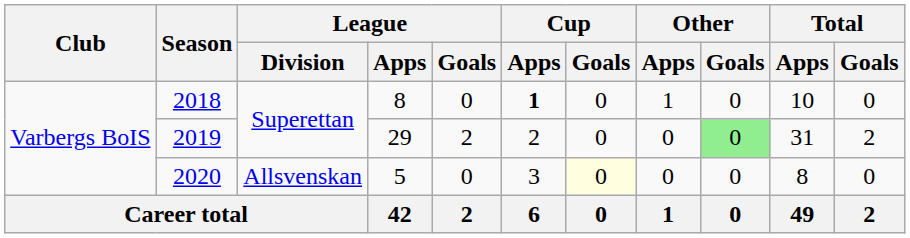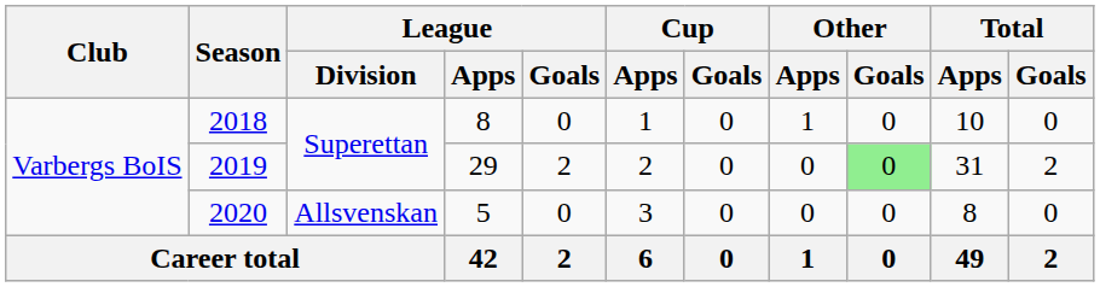 <table class="wikitable" style="text-align: center">
 <tr>
 <th rowspan="2">Club</th>
 <th rowspan="2">Season</th>
 <th colspan="3">League</th>
 <th colspan="2">Cup</th>
 <th colspan="2">Other</th>
 <th colspan="2">Total</th>
 </tr>
 <tr>
 <th>Division</th>
 <th>Apps</th>
 <th>Goals</th>
 <th>Apps</th>
 <th>Goals</th>
 <th>Apps</th>
 <th>Goals</th>
 <th>Apps</th>
 <th>Goals</th>
 </tr>
 <tr>
 <td rowspan="3"><a href='#'>Varbergs BoIS</a></td>
 <td><a href='#'>2018</a></td>
 <td rowspan="2"><a href='#'>Superettan</a></td>
 <td>8</td>
 <td>0</td>
-<td><strong>1</strong></td>
+<td>1</td>
 <td>0</td>
 <td>1</td>
 <td>0</td>
 <td>10</td>
 <td>0</td>
 </tr>
 <tr>
 <td><a href='#'>2019</a></td>
 <td>29</td>
 <td>2</td>
 <td>2</td>
 <td>0</td>
 <td>0</td>
 <td style="background: lightgreen;">0</td>
 <td>31</td>
 <td>2</td>
 </tr>
 <tr>
 <td><a href='#'>2020</a></td>
 <td><a href='#'>Allsvenskan</a></td>
 <td>5</td>
 <td>0</td>
 <td>3</td>
-<td style="background: lightyellow;">0</td>
+<td>0</td>
 <td>0</td>
 <td>0</td>
 <td>8</td>
 <td>0</td>
 </tr>
 <tr>
 <th colspan=3>Career total</th>
 <th>42</th>
 <th>2</th>
 <th>6</th>
 <th>0</th>
 <th>1</th>
 <th>0</th>
 <th>49</th>
 <th>2</th>
 </tr>
 </table>
